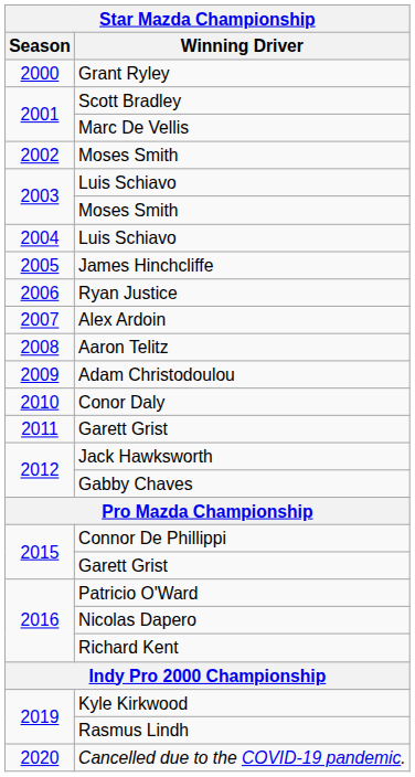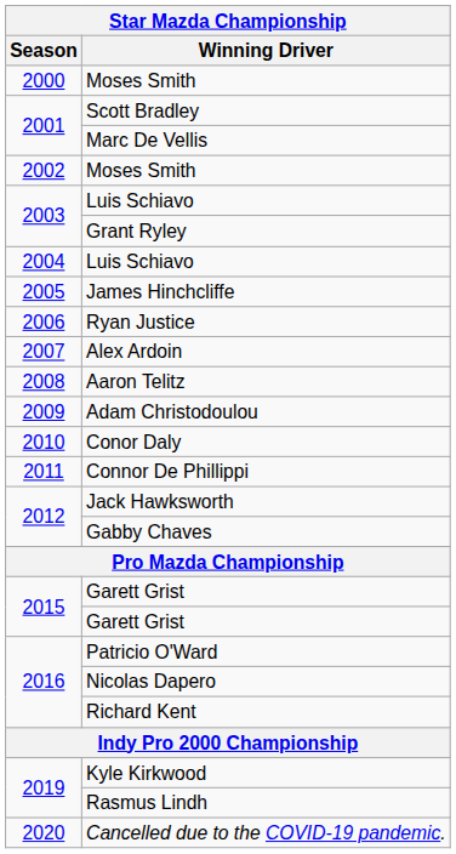 <table class="wikitable" style="font-size: 95%;">
 <tr>
 <th colspan=2><a href='#'>Star Mazda Championship</a></th>
 </tr>
 <tr>
 <th>Season</th>
 <th>Winning Driver</th>
 </tr>
 <tr>
 <td style="text-align:center;"><a href='#'>2000</a></td>
-<td>Grant Ryley</td>
+<td>Moses Smith</td>
 </tr>
 <tr>
 <td style="text-align:center;" rowspan="2"><a href='#'>2001</a></td>
 <td>Scott Bradley</td>
 </tr>
 <tr>
 <td>Marc De Vellis</td>
 </tr>
 <tr>
 <td style="text-align:center;"><a href='#'>2002</a></td>
 <td>Moses Smith</td>
 </tr>
 <tr>
 <td style="text-align:center;" rowspan="2"><a href='#'>2003</a></td>
 <td>Luis Schiavo</td>
 </tr>
 <tr>
-<td>Moses Smith</td>
+<td>Grant Ryley</td>
 </tr>
 <tr>
 <td style="text-align:center;"><a href='#'>2004</a></td>
 <td>Luis Schiavo</td>
 </tr>
 <tr>
 <td style="text-align:center;"><a href='#'>2005</a></td>
 <td>James Hinchcliffe</td>
 </tr>
 <tr>
 <td style="text-align:center;"><a href='#'>2006</a></td>
 <td>Ryan Justice</td>
 </tr>
 <tr>
 <td style="text-align:center;"><a href='#'>2007</a></td>
 <td>Alex Ardoin</td>
 </tr>
 <tr>
 <td style="text-align:center;"><a href='#'>2008</a></td>
 <td>Aaron Telitz</td>
 </tr>
 <tr>
 <td style="text-align:center;"><a href='#'>2009</a></td>
 <td>Adam Christodoulou</td>
 </tr>
 <tr>
 <td style="text-align:center;"><a href='#'>2010</a></td>
 <td>Conor Daly</td>
 </tr>
 <tr>
 <td style="text-align:center;"><a href='#'>2011</a></td>
-<td>Garett Grist</td>
+<td>Connor De Phillippi</td>
 </tr>
 <tr>
 <td style="text-align:center;" rowspan="2"><a href='#'>2012</a></td>
 <td>Jack Hawksworth</td>
 </tr>
 <tr>
 <td>Gabby Chaves</td>
 </tr>
 <tr>
 <th colspan="2"><a href='#'>Pro Mazda Championship</a></th>
 </tr>
 <tr>
 <td style="text-align:center;" rowspan="2"><a href='#'>2015</a></td>
-<td>Connor De Phillippi</td>
+<td>Garett Grist</td>
 </tr>
 <tr>
 <td>Garett Grist</td>
 </tr>
 <tr>
 <td style="text-align:center;" rowspan="3"><a href='#'>2016</a></td>
 <td>Patricio O'Ward</td>
 </tr>
 <tr>
 <td>Nicolas Dapero</td>
 </tr>
 <tr>
 <td>Richard Kent</td>
 </tr>
 <tr>
 <th colspan="2"><a href='#'>Indy Pro 2000 Championship</a></th>
 </tr>
 <tr>
 <td style="text-align:center;" rowspan="2"><a href='#'>2019</a></td>
 <td>Kyle Kirkwood</td>
 </tr>
 <tr>
 <td>Rasmus Lindh</td>
 </tr>
 <tr>
 <td style="text-align:center"><a href='#'>2020</a></td>
 <td style="text-align:center"><em>Cancelled due to the <a href='#'>COVID-19 pandemic</a>.</em></td>
 </tr>
 </table>
